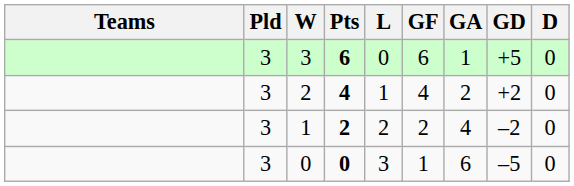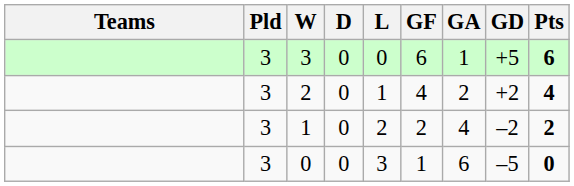 <table class="wikitable" style="text-align: center;">
 <tr>
 <th width=165>Teams</th>
 <th width=20>Pld</th>
 <th width=20>W</th>
-<th width=20>Pts</th>
+<th width=20>D</th>
 <th width=20>L</th>
 <th width=20>GF</th>
 <th width=20>GA</th>
 <th width=20>GD</th>
-<th width=20>D</th>
+<th width=20>Pts</th>
 </tr>
 <tr align=center style="background:#ccffcc;">
 <td style="text-align:left;"></td>
 <td>3</td>
 <td>3</td>
-<td><strong>6</strong></td>
+<td>0</td>
 <td>0</td>
 <td>6</td>
 <td>1</td>
 <td>+5</td>
-<td>0</td>
+<td><strong>6</strong></td>
 </tr>
 <tr align=center>
 <td style="text-align:left;"></td>
 <td>3</td>
 <td>2</td>
-<td><strong>4</strong></td>
+<td>0</td>
 <td>1</td>
 <td>4</td>
 <td>2</td>
 <td>+2</td>
-<td>0</td>
+<td><strong>4</strong></td>
 </tr>
 <tr align=center>
 <td style="text-align:left;"></td>
 <td>3</td>
 <td>1</td>
-<td><strong>2</strong></td>
+<td>0</td>
 <td>2</td>
 <td>2</td>
 <td>4</td>
 <td>–2</td>
-<td>0</td>
+<td><strong>2</strong></td>
 </tr>
 <tr align=center>
 <td style="text-align:left;"></td>
 <td>3</td>
 <td>0</td>
-<td><strong>0</strong></td>
+<td>0</td>
 <td>3</td>
 <td>1</td>
 <td>6</td>
 <td>–5</td>
-<td>0</td>
+<td><strong>0</strong></td>
 </tr>
 </table>
